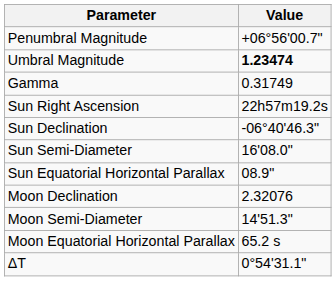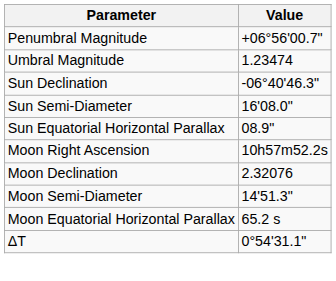 <table class="wikitable">
 <tr>
 <th>Parameter</th>
 <th>Value</th>
 </tr>
 <tr>
 <td>Penumbral Magnitude</td>
 <td>+06°56'00.7"</td>
 </tr>
 <tr>
 <td>Umbral Magnitude</td>
-<td><strong>1.23474</strong></td>
-</tr>
-<tr>
-<td>Gamma</td>
-<td>0.31749</td>
-</tr>
-<tr>
-<td>Sun Right Ascension</td>
-<td>22h57m19.2s</td>
+<td>1.23474</td>
 </tr>
 <tr>
 <td>Sun Declination</td>
 <td>-06°40'46.3"</td>
 </tr>
 <tr>
 <td>Sun Semi-Diameter</td>
 <td>16'08.0"</td>
 </tr>
 <tr>
 <td>Sun Equatorial Horizontal Parallax</td>
 <td>08.9"</td>
+</tr>
+<tr>
+<td>Moon Right Ascension</td>
+<td>10h57m52.2s</td>
 </tr>
 <tr>
 <td>Moon Declination</td>
 <td>2.32076</td>
 </tr>
 <tr>
 <td>Moon Semi-Diameter</td>
 <td>14'51.3"</td>
 </tr>
 <tr>
 <td>Moon Equatorial Horizontal Parallax</td>
 <td>65.2 s</td>
 </tr>
 <tr>
 <td>ΔT</td>
 <td>0°54'31.1"</td>
 </tr>
 </table>
